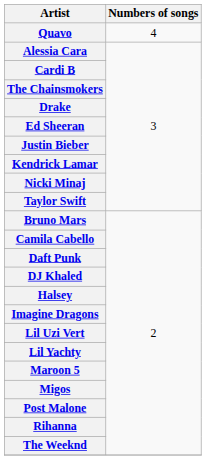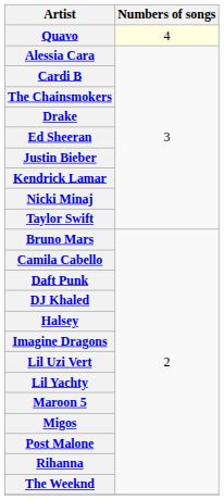 <table class="wikitable sortable plainrowheaders" style="text-align:center;">
 <tr>
 <th scope="col">Artist</th>
 <th scope="col">Numbers of songs</th>
 </tr>
 <tr>
 <th scope="row"><a href='#'>Quavo</a></th>
-<td>4</td>
+<td style="background: lightyellow;">4</td>
 </tr>
 <tr>
 <th scope="row"><a href='#'>Alessia Cara</a></th>
 <td rowspan="9">3</td>
 </tr>
 <tr>
 <th scope="row"><a href='#'>Cardi B</a></th>
 </tr>
 <tr>
 <th scope="row"><a href='#'>The Chainsmokers</a></th>
 </tr>
 <tr>
 <th scope="row"><a href='#'>Drake</a></th>
 </tr>
 <tr>
 <th scope="row"><a href='#'>Ed Sheeran</a></th>
 </tr>
 <tr>
 <th scope="row"><a href='#'>Justin Bieber</a></th>
 </tr>
 <tr>
 <th scope="row"><a href='#'>Kendrick Lamar</a></th>
 </tr>
 <tr>
 <th scope="row"><a href='#'>Nicki Minaj</a></th>
 </tr>
 <tr>
 <th scope="row"><a href='#'>Taylor Swift</a></th>
 </tr>
 <tr>
 <th scope="row"><a href='#'>Bruno Mars</a></th>
 <td rowspan="13">2</td>
 </tr>
 <tr>
 <th scope="row"><a href='#'>Camila Cabello</a></th>
 </tr>
 <tr>
 <th scope="row"><a href='#'>Daft Punk</a></th>
 </tr>
 <tr>
 <th scope="row"><a href='#'>DJ Khaled</a></th>
 </tr>
 <tr>
 <th scope="row"><a href='#'>Halsey</a></th>
 </tr>
 <tr>
 <th scope="row"><a href='#'>Imagine Dragons</a></th>
 </tr>
 <tr>
 <th scope="row"><a href='#'>Lil Uzi Vert</a></th>
 </tr>
 <tr>
 <th scope="row"><a href='#'>Lil Yachty</a></th>
 </tr>
 <tr>
 <th scope="row"><a href='#'>Maroon 5</a></th>
 </tr>
 <tr>
 <th scope="row"><a href='#'>Migos</a></th>
 </tr>
 <tr>
 <th scope="row"><a href='#'>Post Malone</a></th>
 </tr>
 <tr>
 <th scope="row"><a href='#'>Rihanna</a></th>
 </tr>
 <tr>
 <th scope="row"><a href='#'>The Weeknd</a></th>
 </tr>
 <tr>
 </tr>
 </table>
